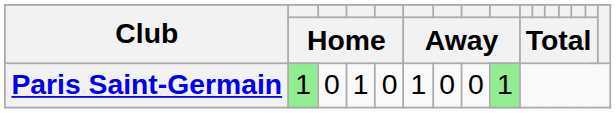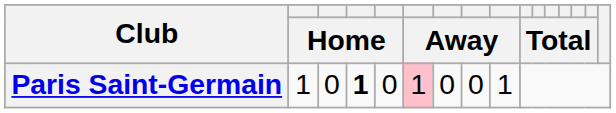 <table class="wikitable sortable plainrowheaders" style="text-align:center">
 <tr>
 <th scope="col" rowspan="2">Club</th>
 <th scope="col"></th>
 <th scope="col"></th>
 <th scope="col"></th>
 <th scope="col"></th>
 <th scope="col"></th>
 <th scope="col"></th>
 <th scope="col"></th>
 <th scope="col"></th>
 <th scope="col"></th>
 <th scope="col"></th>
 <th scope="col"></th>
 <th scope="col"></th>
 <th scope="col"></th>
 <th scope="col"></th>
 <th scope="col" rowspan="2"></th>
 </tr>
 <tr class="unsortable">
 <th colspan="4">Home</th>
 <th colspan="4">Away</th>
 <th colspan="6">Total</th>
 </tr>
 <tr>
 <th scope="row" align=left> <a href='#'>Paris Saint-Germain</a></th>
-<td style="background: lightgreen;">1</td>
-<td>0</td>
 <td>1</td>
 <td>0</td>
-<td>1</td>
+<td><strong>1</strong></td>
+<td>0</td>
+<td style="background: pink;">1</td>
 <td>0</td>
 <td>0</td>
-<td style="background: lightgreen;">1<br></td>
+<td>1<br></td>
 </tr>
 </table>
